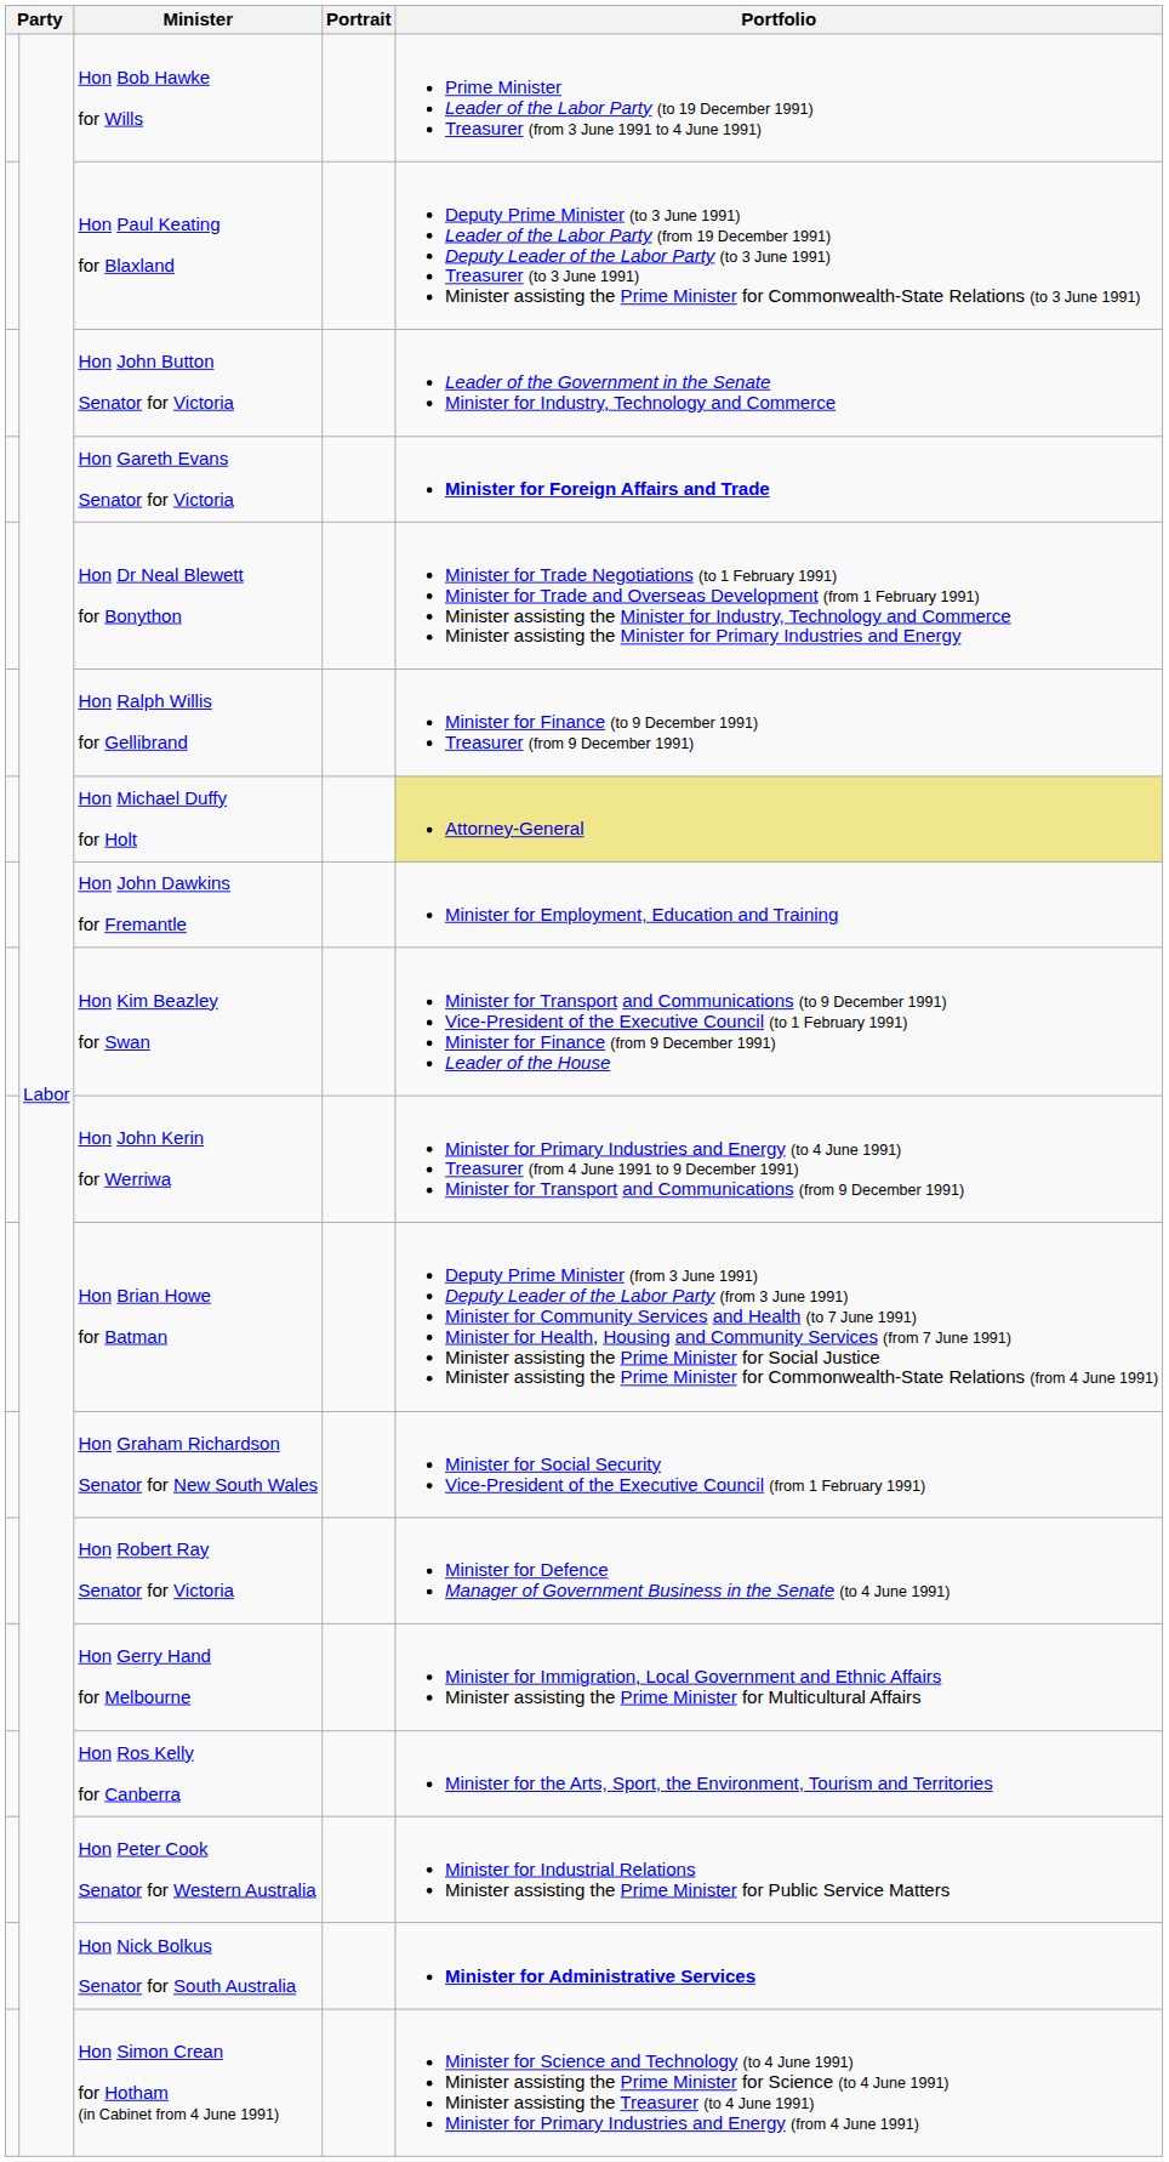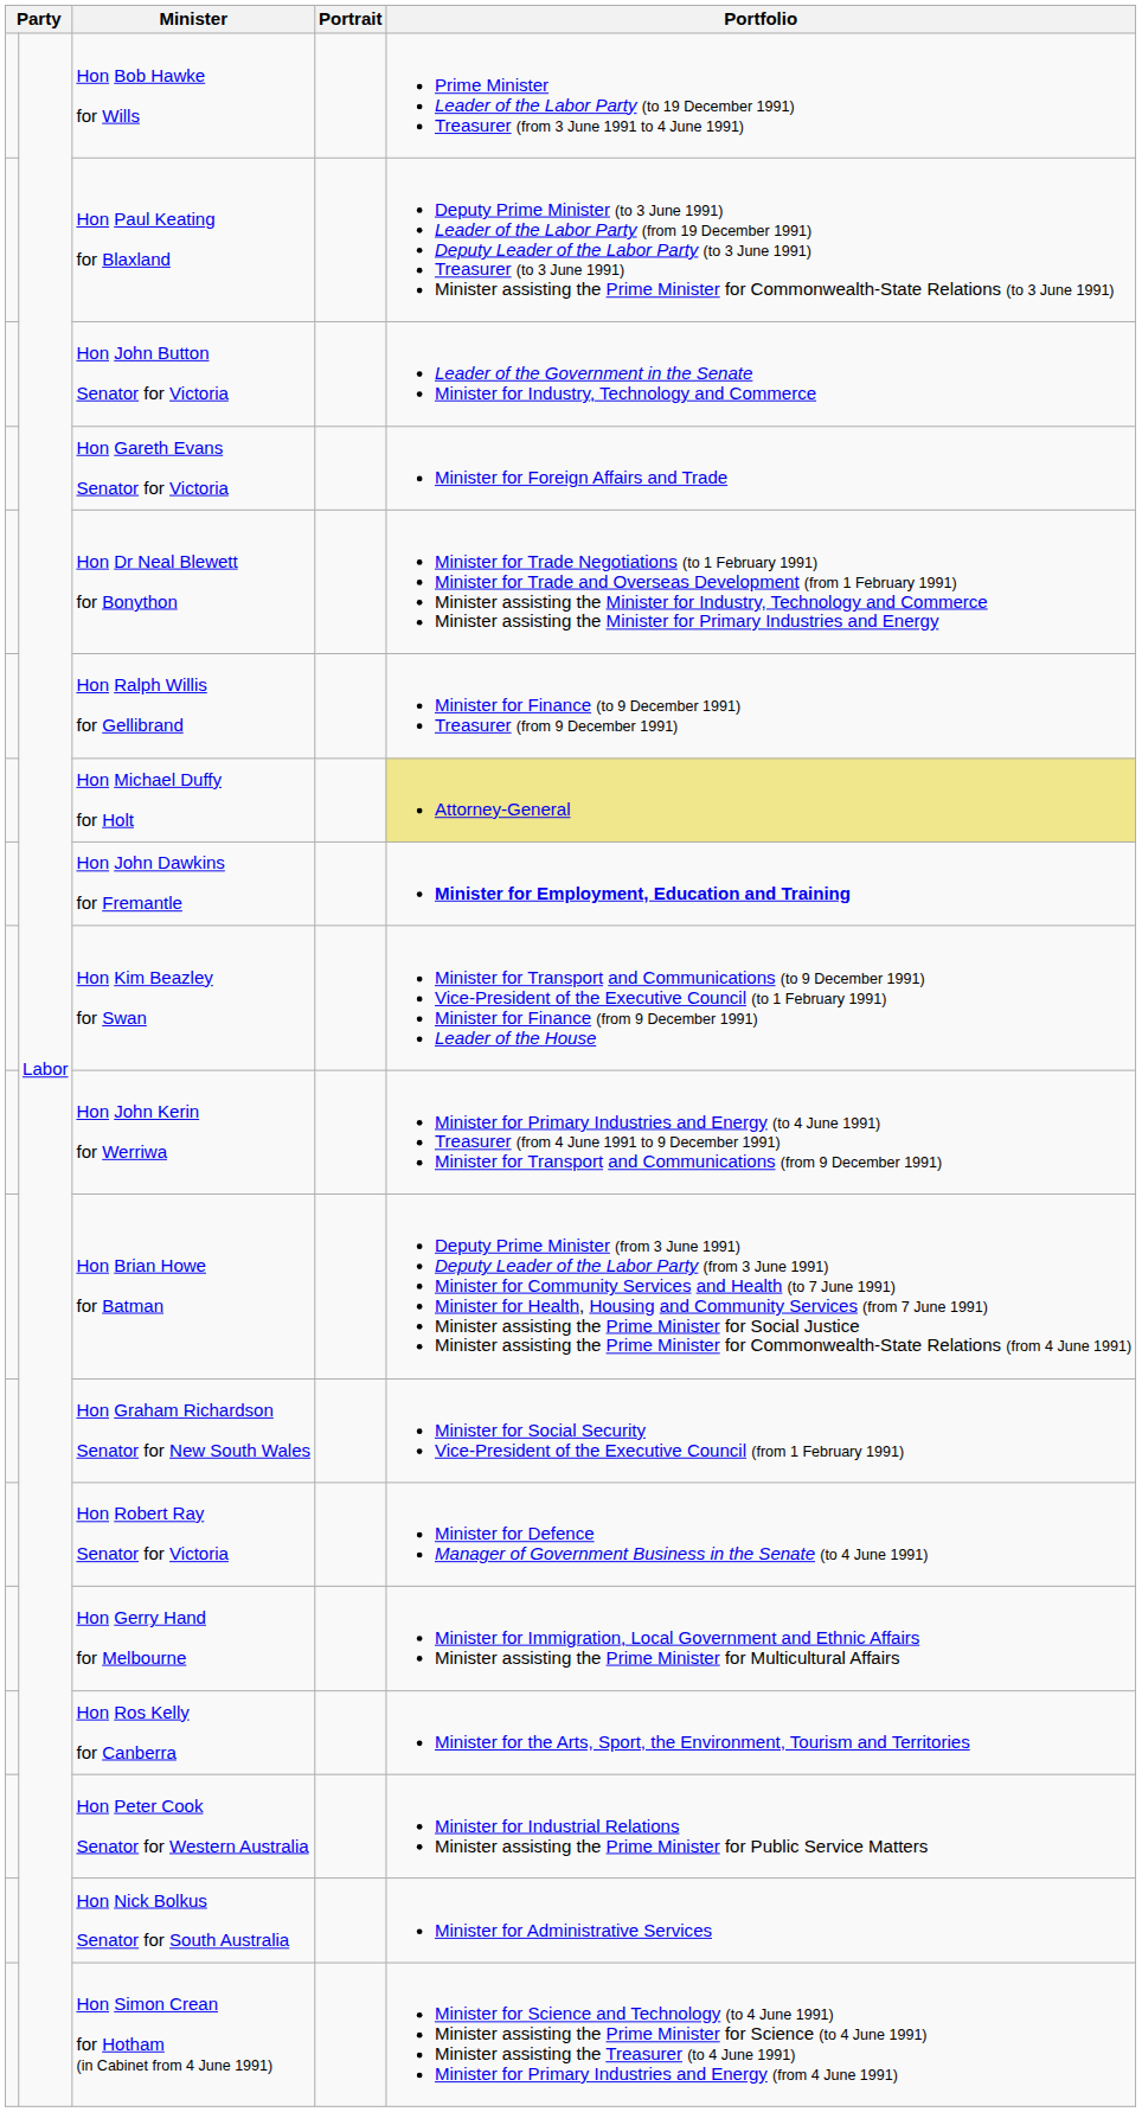 <table class="wikitable sortable">
 <tr>
 <th colspan="2">Party</th>
 <th>Minister</th>
 <th>Portrait</th>
 <th>Portfolio</th>
 </tr>
 <tr>
 <td> </td>
 <td rowspan=18><a href='#'>Labor</a></td>
 <td><a href='#'>Hon</a> <a href='#'>Bob Hawke</a>  <br><br> for <a href='#'>Wills</a> <br></td>
 <td></td>
 <td><br><ul><li><a href='#'>Prime Minister</a></li><li><em><a href='#'>Leader of the Labor Party</a></em> <small>(to 19 December 1991)</small></li><li><a href='#'>Treasurer</a> <small>(from 3 June 1991 to 4 June 1991)</small></li></ul></td>
 </tr>
 <tr>
 <td> </td>
 <td><a href='#'>Hon</a> <a href='#'>Paul Keating</a> <br><br> for <a href='#'>Blaxland</a> <br></td>
 <td></td>
 <td><br><ul><li><a href='#'>Deputy Prime Minister</a> <small>(to 3 June 1991)</small></li><li><em><a href='#'>Leader of the Labor Party</a></em> <small>(from 19 December 1991)</small></li><li><em><a href='#'>Deputy Leader of the Labor Party</a></em> <small>(to 3 June 1991)</small></li><li><a href='#'>Treasurer</a> <small>(to 3 June 1991)</small></li><li>Minister assisting the <a href='#'>Prime Minister</a> for Commonwealth-State Relations <small>(to 3 June 1991)</small></li></ul></td>
 </tr>
 <tr>
 <td> </td>
 <td><a href='#'>Hon</a> <a href='#'>John Button</a> <br><br><a href='#'>Senator</a> for <a href='#'>Victoria</a> <br></td>
 <td></td>
 <td><br><ul><li><em><a href='#'>Leader of the Government in the Senate</a></em></li><li><a href='#'>Minister for Industry, Technology and Commerce</a></li></ul></td>
 </tr>
 <tr>
 <td> </td>
 <td><a href='#'>Hon</a> <a href='#'>Gareth Evans</a>  <br><br><a href='#'>Senator</a> for <a href='#'>Victoria</a> <br></td>
 <td></td>
-<td><strong><br><ul><li><a href='#'>Minister for Foreign Affairs and Trade</a></li></ul></strong></td>
+<td><br><ul><li><a href='#'>Minister for Foreign Affairs and Trade</a></li></ul></td>
 </tr>
 <tr>
 <td> </td>
 <td><a href='#'>Hon</a> <a href='#'>Dr Neal Blewett</a> <br><br> for <a href='#'>Bonython</a> <br></td>
 <td></td>
 <td><br><ul><li><a href='#'>Minister for Trade Negotiations</a> <small>(to 1 February 1991)</small></li><li><a href='#'>Minister for Trade and Overseas Development</a> <small>(from 1 February 1991)</small></li><li>Minister assisting the <a href='#'>Minister for Industry, Technology and Commerce</a></li><li>Minister assisting the <a href='#'>Minister for Primary Industries and Energy</a></li></ul></td>
 </tr>
 <tr>
 <td> </td>
 <td><a href='#'>Hon</a> <a href='#'>Ralph Willis</a> <br><br> for <a href='#'>Gellibrand</a> <br></td>
 <td></td>
 <td><br><ul><li><a href='#'>Minister for Finance</a> <small>(to 9 December 1991)</small></li><li><a href='#'>Treasurer</a> <small>(from 9 December 1991)</small></li></ul></td>
 </tr>
 <tr>
 <td> </td>
 <td><a href='#'>Hon</a> <a href='#'>Michael Duffy</a> <br><br> for <a href='#'>Holt</a> <br></td>
 <td></td>
 <td style="background: khaki;"><br><ul><li><a href='#'>Attorney-General</a></li></ul></td>
 </tr>
 <tr>
 <td> </td>
 <td><a href='#'>Hon</a> <a href='#'>John Dawkins</a> <br><br> for <a href='#'>Fremantle</a> <br></td>
 <td></td>
-<td><br><ul><li><a href='#'>Minister for Employment, Education and Training</a></li></ul></td>
+<td><strong><br><ul><li><a href='#'>Minister for Employment, Education and Training</a></li></ul></strong></td>
 </tr>
 <tr>
 <td> </td>
 <td><a href='#'>Hon</a> <a href='#'>Kim Beazley</a> <br><br> for <a href='#'>Swan</a> <br></td>
 <td></td>
 <td><br><ul><li><a href='#'>Minister for Transport</a> <a href='#'>and Communications</a> <small>(to 9 December 1991)</small></li><li><a href='#'>Vice-President of the Executive Council</a> <small>(to 1 February 1991)</small></li><li><a href='#'>Minister for Finance</a> <small>(from 9 December 1991)</small></li><li><em><a href='#'>Leader of the House</a></em></li></ul></td>
 </tr>
 <tr>
 <td> </td>
 <td><a href='#'>Hon</a> <a href='#'>John Kerin</a> <br><br> for <a href='#'>Werriwa</a> <br></td>
 <td></td>
 <td><br><ul><li><a href='#'>Minister for Primary Industries and Energy</a> <small>(to 4 June 1991)</small></li><li><a href='#'>Treasurer</a> <small>(from 4 June 1991 to 9 December 1991)</small></li><li><a href='#'>Minister for Transport</a> <a href='#'>and Communications</a> <small>(from 9 December 1991)</small></li></ul></td>
 </tr>
 <tr>
 <td> </td>
 <td><a href='#'>Hon</a> <a href='#'>Brian Howe</a> <br><br> for <a href='#'>Batman</a> <br></td>
 <td></td>
 <td><br><ul><li><a href='#'>Deputy Prime Minister</a> <small>(from 3 June 1991)</small></li><li><em><a href='#'>Deputy Leader of the Labor Party</a></em> <small>(from 3 June 1991)</small></li><li><a href='#'>Minister for Community Services</a> <a href='#'>and Health</a> <small>(to 7 June 1991)</small></li><li><a href='#'>Minister for Health</a>, <a href='#'>Housing</a> <a href='#'>and Community Services</a> <small>(from 7 June 1991)</small></li><li>Minister assisting the <a href='#'>Prime Minister</a> for Social Justice</li><li>Minister assisting the <a href='#'>Prime Minister</a> for Commonwealth-State Relations <small>(from 4 June 1991)</small></li></ul></td>
 </tr>
 <tr>
 <td> </td>
 <td><a href='#'>Hon</a> <a href='#'>Graham Richardson</a> <br><br><a href='#'>Senator</a> for <a href='#'>New South Wales</a> <br></td>
 <td></td>
 <td><br><ul><li><a href='#'>Minister for Social Security</a></li><li><a href='#'>Vice-President of the Executive Council</a> <small>(from 1 February 1991)</small></li></ul></td>
 </tr>
 <tr>
 <td> </td>
 <td><a href='#'>Hon</a> <a href='#'>Robert Ray</a> <br><br><a href='#'>Senator</a> for <a href='#'>Victoria</a> <br></td>
 <td></td>
 <td><br><ul><li><a href='#'>Minister for Defence</a></li><li><em><a href='#'>Manager of Government Business in the Senate</a></em> <small>(to 4 June 1991)</small></li></ul></td>
 </tr>
 <tr>
 <td> </td>
 <td><a href='#'>Hon</a> <a href='#'>Gerry Hand</a> <br><br> for <a href='#'>Melbourne</a> <br></td>
 <td></td>
 <td><br><ul><li><a href='#'>Minister for Immigration, Local Government and Ethnic Affairs</a></li><li>Minister assisting the <a href='#'>Prime Minister</a> for Multicultural Affairs</li></ul></td>
 </tr>
 <tr>
 <td> </td>
 <td><a href='#'>Hon</a> <a href='#'>Ros Kelly</a> <br><br> for <a href='#'>Canberra</a> <br></td>
 <td></td>
 <td><br><ul><li><a href='#'>Minister for the Arts, Sport, the Environment, Tourism and Territories</a></li></ul></td>
 </tr>
 <tr>
 <td> </td>
 <td><a href='#'>Hon</a> <a href='#'>Peter Cook</a> <br><br><a href='#'>Senator</a> for <a href='#'>Western Australia</a> <br></td>
 <td></td>
 <td><br><ul><li><a href='#'>Minister for Industrial Relations</a></li><li>Minister assisting the <a href='#'>Prime Minister</a> for Public Service Matters</li></ul></td>
 </tr>
 <tr>
 <td> </td>
 <td><a href='#'>Hon</a> <a href='#'>Nick Bolkus</a> <br><br><a href='#'>Senator</a> for <a href='#'>South Australia</a> <br></td>
 <td></td>
-<td><strong><br><ul><li><a href='#'>Minister for Administrative Services</a></li></ul></strong></td>
+<td><br><ul><li><a href='#'>Minister for Administrative Services</a></li></ul></td>
 </tr>
 <tr>
 <td> </td>
 <td><a href='#'>Hon</a> <a href='#'>Simon Crean</a> <br><br> for <a href='#'>Hotham</a> <br> <small>(in Cabinet from 4 June 1991)</small></td>
 <td></td>
 <td><br><ul><li><a href='#'>Minister for Science and Technology</a> <small>(to 4 June 1991)</small></li><li>Minister assisting the <a href='#'>Prime Minister</a> for Science <small>(to 4 June 1991)</small></li><li>Minister assisting the <a href='#'>Treasurer</a> <small>(to 4 June 1991)</small></li><li><a href='#'>Minister for Primary Industries and Energy</a> <small>(from 4 June 1991)</small></li></ul></td>
 </tr>
 </table>
